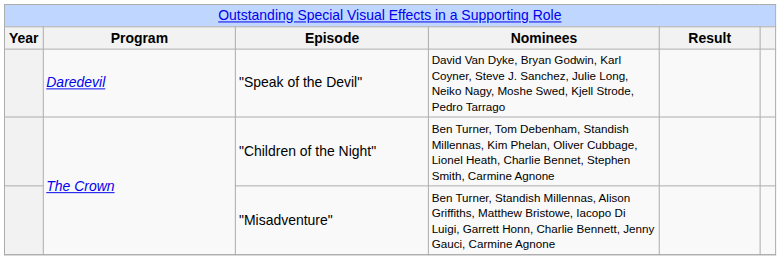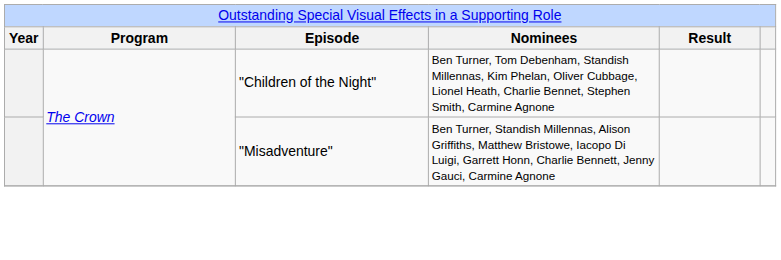 <table class="wikitable plainrowheaders" style="font-size: 90%" width=90%>
 <tr ---- bgcolor="#bfd7ff">
 <td colspan=6 align=center><a href='#'>Outstanding Special Visual Effects in a Supporting Role</a></td>
 </tr>
 <tr ---- bgcolor="#ebf5ff">
 <th width="5%">Year</th>
 <th width="25%">Program</th>
 <th width="25%">Episode</th>
 <th width="30%">Nominees</th>
 <th width="13%">Result</th>
 <th width="5%"></th>
-</tr>
-<tr>
-<th scope=row></th>
-<td><em><a href='#'>Daredevil</a></em></td>
-<td>"Speak of the Devil"</td>
-<td><small>David Van Dyke, Bryan Godwin, Karl Coyner, Steve J. Sanchez, Julie Long, Neiko Nagy, Moshe Swed, Kjell Strode, Pedro Tarrago</small></td>
-<td></td>
-<td></td>
 </tr>
 <tr>
 <th scope=row></th>
 <td rowspan="2"><em><a href='#'>The Crown</a></em></td>
 <td>"Children of the Night"</td>
 <td><small>Ben Turner, Tom Debenham, Standish Millennas, Kim Phelan, Oliver Cubbage, Lionel Heath, Charlie Bennet, Stephen Smith, Carmine Agnone</small></td>
 <td></td>
 <td></td>
 </tr>
 <tr>
 <th scope=row></th>
 <td>"Misadventure"</td>
 <td><small>Ben Turner, Standish Millennas, Alison Griffiths, Matthew Bristowe, Iacopo Di Luigi, Garrett Honn, Charlie Bennett, Jenny Gauci, Carmine Agnone</small></td>
 <td></td>
 <td></td>
 </tr>
 <tr>
 </tr>
 </table>
